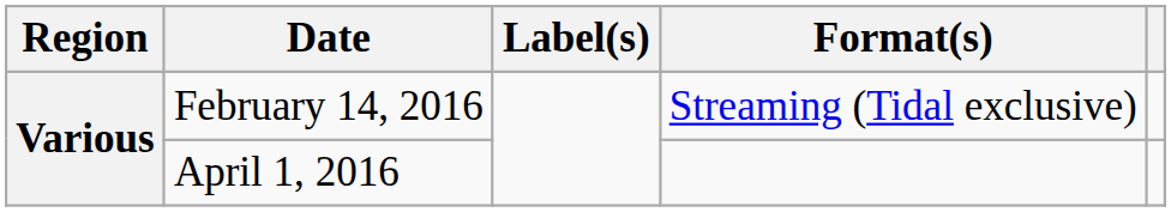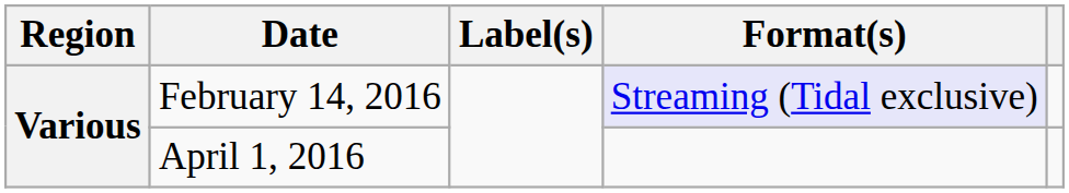 <table class="wikitable plainrowheaders">
 <tr>
 <th scope="col">Region</th>
 <th scope="col">Date</th>
 <th scope="col">Label(s)</th>
 <th scope="col">Format(s)</th>
 <th scope="col"></th>
 </tr>
 <tr>
 <th scope="row" rowspan="2">Various</th>
 <td>February 14, 2016</td>
 <td rowspan="2"></td>
-<td><a href='#'>Streaming</a> (<a href='#'>Tidal</a> exclusive)</td>
+<td style="background: lavender;"><a href='#'>Streaming</a> (<a href='#'>Tidal</a> exclusive)</td>
 <td style="text-align:center;"></td>
 </tr>
 <tr>
 <td>April 1, 2016</td>
 <td></td>
 <td style="text-align:center;"></td>
 </tr>
 </table>
